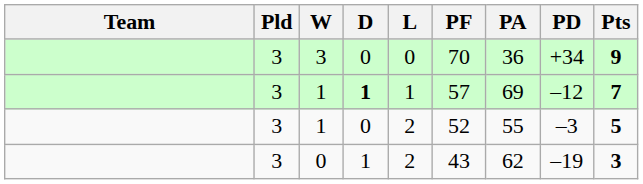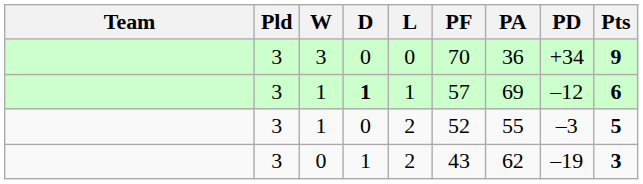 <table class="wikitable" style="text-align:center;">
 <tr>
 <th width=175>Team</th>
 <th width=25 abbr="Played">Pld</th>
 <th width=25 abbr="Won">W</th>
 <th width=25 abbr="Drawn">D</th>
 <th width=25 abbr="Lost">L</th>
 <th width=32 abbr="Points for">PF</th>
 <th width=32 abbr="Points against">PA</th>
 <th width=32 abbr="Points difference">PD</th>
 <th width=25 abbr="Points">Pts</th>
 </tr>
 <tr bgcolor=ccffcc>
 <td align=left></td>
 <td>3</td>
 <td>3</td>
 <td>0</td>
 <td>0</td>
 <td>70</td>
 <td>36</td>
 <td>+34</td>
 <td><strong>9</strong></td>
 </tr>
 <tr bgcolor=ccffcc>
 <td align=left></td>
 <td>3</td>
 <td>1</td>
 <td><strong>1</strong></td>
 <td>1</td>
 <td>57</td>
 <td>69</td>
 <td>–12</td>
-<td><strong>7</strong></td>
+<td><strong>6</strong></td>
 </tr>
 <tr>
 <td align=left></td>
 <td>3</td>
 <td>1</td>
 <td>0</td>
 <td>2</td>
 <td>52</td>
 <td>55</td>
 <td>–3</td>
 <td><strong>5</strong></td>
 </tr>
 <tr>
 <td align=left></td>
 <td>3</td>
 <td>0</td>
 <td>1</td>
 <td>2</td>
 <td>43</td>
 <td>62</td>
 <td>–19</td>
 <td><strong>3</strong></td>
 </tr>
 </table>
